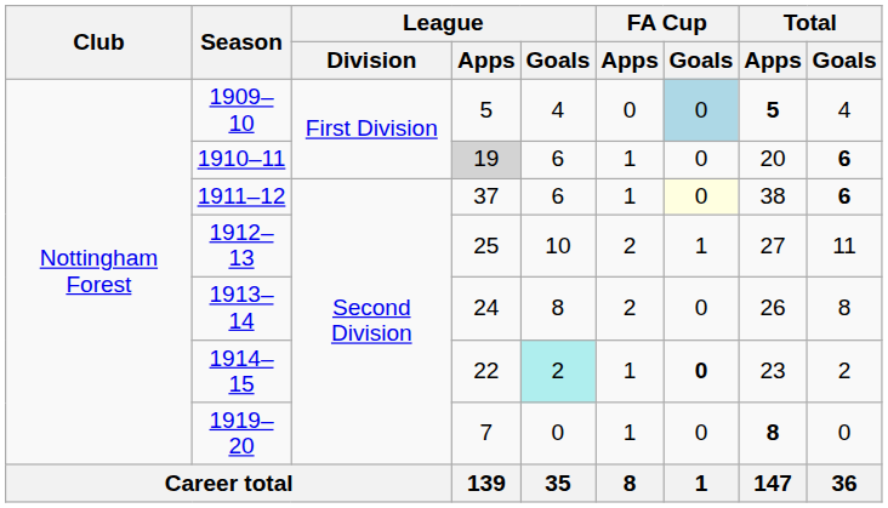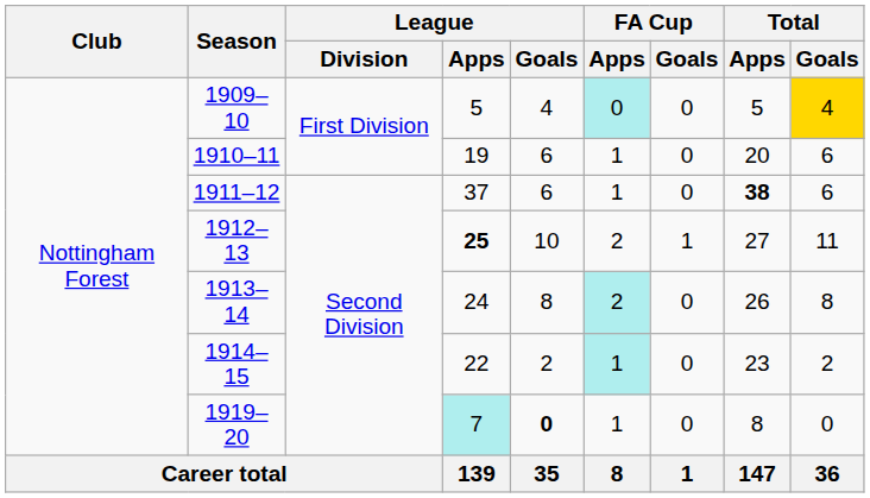 <table class="wikitable" style="text-align: center">
 <tr>
 <th rowspan="2">Club</th>
 <th rowspan="2">Season</th>
 <th colspan="3">League</th>
 <th colspan="2">FA Cup</th>
 <th colspan="2">Total</th>
 </tr>
 <tr>
 <th>Division</th>
 <th>Apps</th>
 <th>Goals</th>
 <th>Apps</th>
 <th>Goals</th>
 <th>Apps</th>
 <th>Goals</th>
 </tr>
 <tr>
 <td rowspan="7"><a href='#'>Nottingham Forest</a></td>
 <td><a href='#'>1909–10</a></td>
 <td rowspan="2"><a href='#'>First Division</a></td>
 <td>5</td>
 <td>4</td>
+<td style="background: paleturquoise;">0</td>
 <td>0</td>
-<td style="background: lightblue;">0</td>
-<td><strong>5</strong></td>
-<td>4</td>
+<td>5</td>
+<td style="background: gold;">4</td>
 </tr>
 <tr>
 <td><a href='#'>1910–11</a></td>
-<td style="background: lightgrey;">19</td>
+<td>19</td>
 <td>6</td>
 <td>1</td>
 <td>0</td>
 <td>20</td>
-<td><strong>6</strong></td>
+<td>6</td>
 </tr>
 <tr>
 <td><a href='#'>1911–12</a></td>
 <td rowspan="5"><a href='#'>Second Division</a></td>
 <td>37</td>
 <td>6</td>
 <td>1</td>
-<td style="background: lightyellow;">0</td>
-<td>38</td>
-<td><strong>6</strong></td>
+<td>0</td>
+<td><strong>38</strong></td>
+<td>6</td>
 </tr>
 <tr>
 <td><a href='#'>1912–13</a></td>
-<td>25</td>
+<td><strong>25</strong></td>
 <td>10</td>
 <td>2</td>
 <td>1</td>
 <td>27</td>
 <td>11</td>
 </tr>
 <tr>
 <td><a href='#'>1913–14</a></td>
 <td>24</td>
 <td>8</td>
-<td>2</td>
+<td style="background: paleturquoise;">2</td>
 <td>0</td>
 <td>26</td>
 <td>8</td>
 </tr>
 <tr>
 <td><a href='#'>1914–15</a></td>
 <td>22</td>
-<td style="background: paleturquoise;">2</td>
-<td>1</td>
-<td><strong>0</strong></td>
+<td>2</td>
+<td style="background: paleturquoise;">1</td>
+<td>0</td>
 <td>23</td>
 <td>2</td>
 </tr>
 <tr>
 <td><a href='#'>1919–20</a></td>
-<td>7</td>
-<td>0</td>
+<td style="background: paleturquoise;">7</td>
+<td><strong>0</strong></td>
 <td>1</td>
 <td>0</td>
-<td><strong>8</strong></td>
+<td>8</td>
 <td>0</td>
 </tr>
 <tr>
 <th colspan="3">Career total</th>
 <th>139</th>
 <th>35</th>
 <th>8</th>
 <th>1</th>
 <th>147</th>
 <th>36</th>
 </tr>
 </table>
